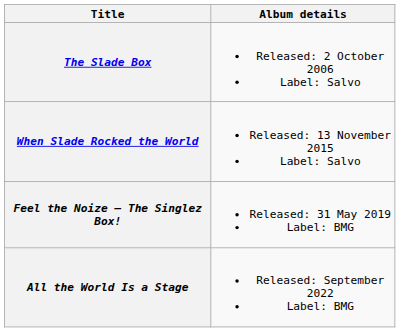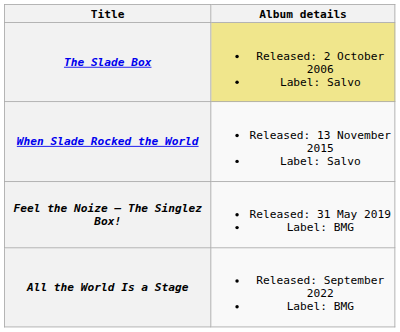 <table class="wikitable plainrowheaders" style="text-align:center;">
 <tr>
 <th scope="col" style="width:18em;">Title</th>
 <th scope="col" style="width:16em;">Album details</th>
 </tr>
 <tr>
 <th scope="row"><em><a href='#'>The Slade Box</a></em></th>
-<td><br><ul><li>Released: 2 October 2006</li><li>Label: Salvo</li></ul></td>
+<td style="background: khaki;"><br><ul><li>Released: 2 October 2006</li><li>Label: Salvo</li></ul></td>
 </tr>
 <tr>
 <th scope="row"><em><a href='#'>When Slade Rocked the World</a></em></th>
 <td><br><ul><li>Released: 13 November 2015</li><li>Label: Salvo</li></ul></td>
 </tr>
 <tr>
 <th scope="row"><em>Feel the Noize – The Singlez Box!</em></th>
 <td><br><ul><li>Released: 31 May 2019</li><li>Label: BMG</li></ul></td>
 </tr>
 <tr>
 <th scope="row"><em>All the World Is a Stage</em></th>
 <td><br><ul><li>Released: September 2022</li><li>Label: BMG</li></ul></td>
 </tr>
 </table>
